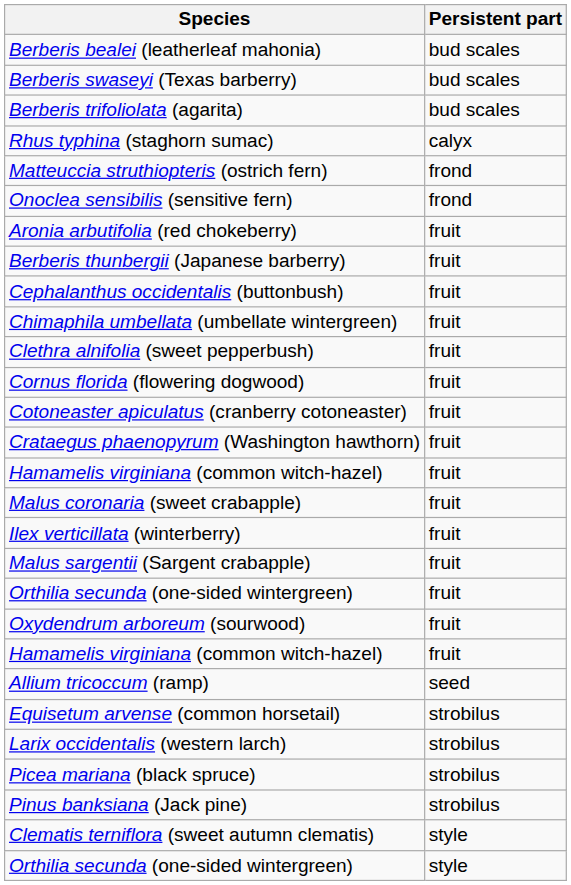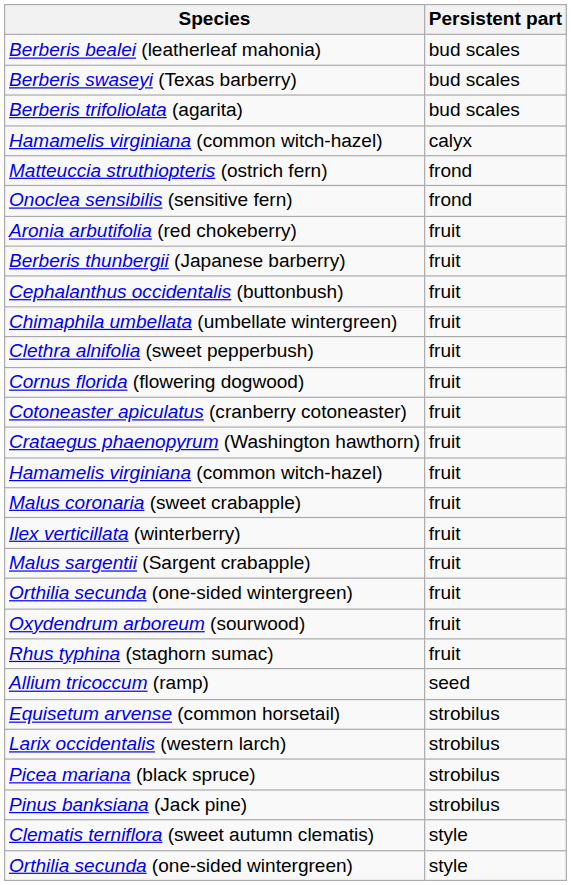 <table class="wikitable sortable">
 <tr>
 <th>Species</th>
 <th>Persistent part</th>
 </tr>
 <tr>
 <td><em><a href='#'>Berberis bealei</a></em> (leatherleaf mahonia)</td>
 <td>bud scales</td>
 </tr>
 <tr>
 <td><em><a href='#'>Berberis swaseyi</a></em> (Texas barberry)</td>
 <td>bud scales</td>
 </tr>
 <tr>
 <td><em><a href='#'>Berberis trifoliolata</a></em> (agarita)</td>
 <td>bud scales</td>
 </tr>
 <tr>
-<td><em><a href='#'>Rhus typhina</a></em> (staghorn sumac)</td>
+<td><em><a href='#'>Hamamelis virginiana</a></em> (common witch-hazel)</td>
 <td>calyx</td>
 </tr>
 <tr>
 <td><em><a href='#'>Matteuccia struthiopteris</a></em> (ostrich fern)</td>
 <td>frond</td>
 </tr>
 <tr>
 <td><em><a href='#'>Onoclea sensibilis</a></em> (sensitive fern)</td>
 <td>frond</td>
 </tr>
 <tr>
 <td><em><a href='#'>Aronia arbutifolia</a></em>  (red chokeberry)</td>
 <td>fruit</td>
 </tr>
 <tr>
 <td><em><a href='#'>Berberis thunbergii</a></em> (Japanese barberry)</td>
 <td>fruit</td>
 </tr>
 <tr>
 <td><em><a href='#'>Cephalanthus occidentalis</a></em> (buttonbush)</td>
 <td>fruit</td>
 </tr>
 <tr>
 <td><em><a href='#'>Chimaphila umbellata</a></em> (umbellate wintergreen)</td>
 <td>fruit</td>
 </tr>
 <tr>
 <td><em><a href='#'>Clethra alnifolia</a></em> (sweet pepperbush)</td>
 <td>fruit</td>
 </tr>
 <tr>
 <td><em><a href='#'>Cornus florida</a></em> (flowering dogwood)</td>
 <td>fruit</td>
 </tr>
 <tr>
 <td><em><a href='#'>Cotoneaster apiculatus</a></em> (cranberry cotoneaster)</td>
 <td>fruit</td>
 </tr>
 <tr>
 <td><em><a href='#'>Crataegus phaenopyrum</a></em> (Washington hawthorn)</td>
 <td>fruit</td>
 </tr>
 <tr>
 <td><em><a href='#'>Hamamelis virginiana</a></em> (common witch-hazel)</td>
 <td>fruit</td>
 </tr>
 <tr>
 <td><em><a href='#'>Malus coronaria</a></em> (sweet crabapple)</td>
 <td>fruit</td>
 </tr>
 <tr>
 <td><em><a href='#'>Ilex verticillata</a></em> (winterberry)</td>
 <td>fruit</td>
 </tr>
 <tr>
 <td><em><a href='#'>Malus sargentii</a></em> (Sargent crabapple)</td>
 <td>fruit</td>
 </tr>
 <tr>
 <td><em><a href='#'>Orthilia secunda</a></em> (one-sided wintergreen)</td>
 <td>fruit</td>
 </tr>
 <tr>
 <td><em><a href='#'>Oxydendrum arboreum</a></em> (sourwood)</td>
 <td>fruit</td>
 </tr>
 <tr>
-<td><em><a href='#'>Hamamelis virginiana</a></em> (common witch-hazel)</td>
+<td><em><a href='#'>Rhus typhina</a></em> (staghorn sumac)</td>
 <td>fruit</td>
 </tr>
 <tr>
 <td><em><a href='#'>Allium tricoccum</a></em>  (ramp)</td>
 <td>seed</td>
 </tr>
 <tr>
 <td><em><a href='#'>Equisetum arvense</a></em> (common horsetail)</td>
 <td>strobilus</td>
 </tr>
 <tr>
 <td><em><a href='#'>Larix occidentalis</a></em> (western larch)</td>
 <td>strobilus</td>
 </tr>
 <tr>
 <td><em><a href='#'>Picea mariana</a></em> (black spruce)</td>
 <td>strobilus</td>
 </tr>
 <tr>
 <td><em><a href='#'>Pinus banksiana</a></em> (Jack pine)</td>
 <td>strobilus</td>
 </tr>
 <tr>
 <td><em><a href='#'>Clematis terniflora</a></em> (sweet autumn clematis)</td>
 <td>style</td>
 </tr>
 <tr>
 <td><em><a href='#'>Orthilia secunda</a></em> (one-sided wintergreen)</td>
 <td>style</td>
 </tr>
 </table>
